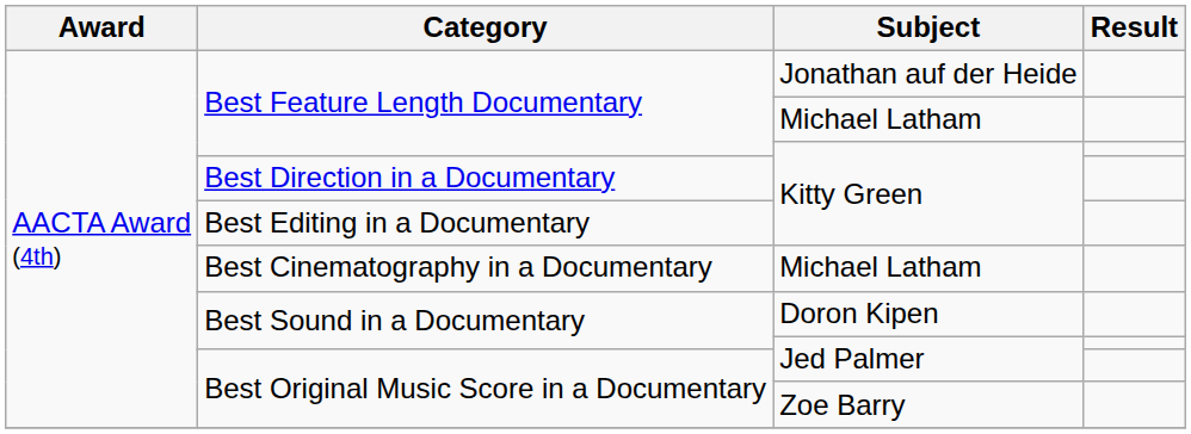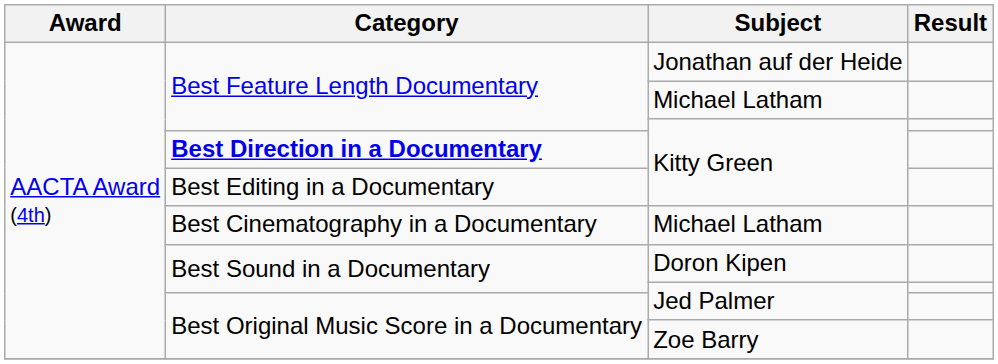 <table class="wikitable">
 <tr>
 <th>Award</th>
 <th>Category</th>
 <th>Subject</th>
 <th>Result</th>
 </tr>
 <tr>
 <td rowspan=10><a href='#'>AACTA Award</a><br><small>(<a href='#'>4th</a>)</small></td>
 <td rowspan=3><a href='#'>Best Feature Length Documentary</a></td>
 <td>Jonathan auf der Heide</td>
 <td></td>
 </tr>
 <tr>
 <td>Michael Latham</td>
 <td></td>
 </tr>
 <tr>
 <td rowspan=3>Kitty Green</td>
 <td></td>
 </tr>
 <tr>
-<td><a href='#'>Best Direction in a Documentary</a></td>
+<td><strong><a href='#'>Best Direction in a Documentary</a></strong></td>
 <td></td>
 </tr>
 <tr>
 <td>Best Editing in a Documentary</td>
 <td></td>
 </tr>
 <tr>
 <td>Best Cinematography in a Documentary</td>
 <td>Michael Latham</td>
 <td></td>
 </tr>
 <tr>
 <td rowspan=2>Best Sound in a Documentary</td>
 <td>Doron Kipen</td>
 <td></td>
 </tr>
 <tr>
 <td rowspan=2>Jed Palmer</td>
 <td></td>
 </tr>
 <tr>
 <td rowspan=2>Best Original Music Score in a Documentary</td>
 <td></td>
 </tr>
 <tr>
 <td>Zoe Barry</td>
 <td></td>
 </tr>
 <tr>
 </tr>
 </table>
